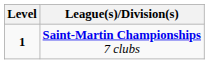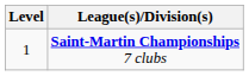 <table class="wikitable" style="text-align: center;">
 <tr>
 <th>Level</th>
 <th colspan="12">League(s)/Division(s)</th>
 </tr>
 <tr>
-<td><strong>1</strong></td>
+<td>1</td>
 <td colspan="12"><strong><a href='#'>Saint-Martin Championships</a></strong><br><em>7 clubs</em></td>
 </tr>
 </table>
